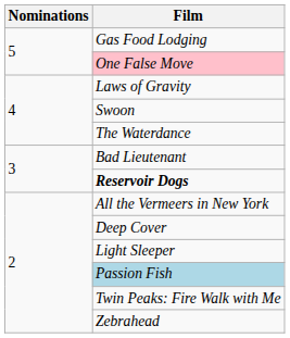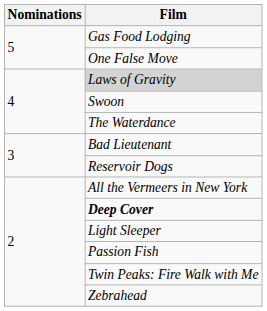 <table class="wikitable">
 <tr>
 <th>Nominations</th>
 <th>Film</th>
 </tr>
 <tr>
 <td rowspan="2">5</td>
 <td><em>Gas Food Lodging</em></td>
 </tr>
 <tr>
-<td style="background: pink;"><em>One False Move</em></td>
+<td><em>One False Move</em></td>
 </tr>
 <tr>
 <td rowspan= "3">4</td>
-<td><em>Laws of Gravity</em></td>
+<td style="background: lightgrey;"><em>Laws of Gravity</em></td>
 </tr>
 <tr>
 <td><em>Swoon</em></td>
 </tr>
 <tr>
 <td><em>The Waterdance</em></td>
 </tr>
 <tr>
 <td rowspan="2">3</td>
 <td><em>Bad Lieutenant</em></td>
 </tr>
 <tr>
-<td><strong><em>Reservoir Dogs</em></strong></td>
+<td><em>Reservoir Dogs</em></td>
 </tr>
 <tr>
 <td rowspan="6">2</td>
 <td><em>All the Vermeers in New York</em></td>
 </tr>
 <tr>
-<td><em>Deep Cover</em></td>
+<td><strong><em>Deep Cover</em></strong></td>
 </tr>
 <tr>
 <td><em>Light Sleeper</em></td>
 </tr>
 <tr>
-<td style="background: lightblue;"><em>Passion Fish</em></td>
+<td><em>Passion Fish</em></td>
 </tr>
 <tr>
 <td><em>Twin Peaks: Fire Walk with Me</em></td>
 </tr>
 <tr>
 <td><em>Zebrahead</em></td>
 </tr>
 </table>
